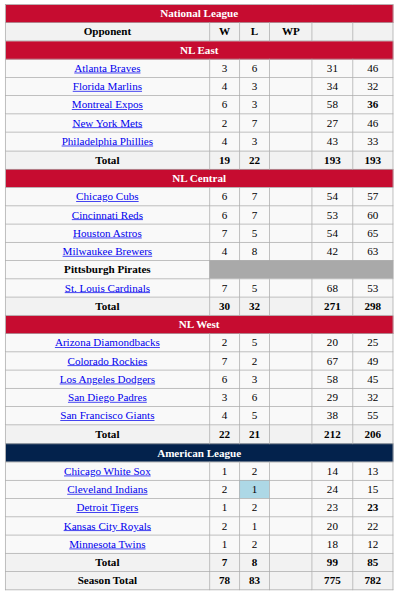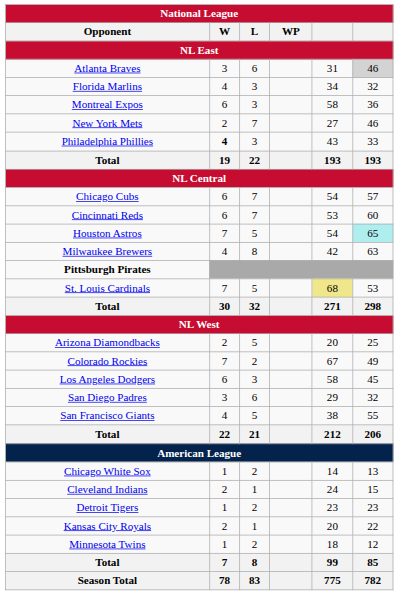 <table class="wikitable" style="font-size:95%; text-align:center; width:35em;margin: 0.5em auto;">
 <tr>
 <th colspan="7" style="background:#c60c30; color:#ffffff;">National League</th>
 </tr>
 <tr>
 <th>Opponent</th>
 <th>W</th>
 <th>L</th>
 <th>WP</th>
 <th></th>
 <th></th>
 </tr>
 <tr>
 <th colspan="7" style="background:#c60c30; color:#ffffff;">NL East</th>
 </tr>
 <tr>
 <td><a href='#'>Atlanta Braves</a></td>
 <td>3</td>
 <td>6</td>
 <td></td>
 <td>31</td>
-<td>46</td>
+<td style="background: lightgrey;">46</td>
 </tr>
 <tr>
 <td><a href='#'>Florida Marlins</a></td>
 <td>4</td>
 <td>3</td>
 <td></td>
 <td>34</td>
 <td>32</td>
 </tr>
 <tr>
 <td><a href='#'>Montreal Expos</a></td>
 <td>6</td>
 <td>3</td>
 <td></td>
 <td>58</td>
-<td><strong>36</strong></td>
+<td>36</td>
 </tr>
 <tr>
 <td><a href='#'>New York Mets</a></td>
 <td>2</td>
 <td>7</td>
 <td></td>
 <td>27</td>
 <td>46</td>
 </tr>
 <tr>
 <td><a href='#'>Philadelphia Phillies</a></td>
-<td>4</td>
+<td><strong>4</strong></td>
 <td>3</td>
 <td></td>
 <td>43</td>
 <td>33</td>
 </tr>
 <tr>
 <th>Total</th>
 <th>19</th>
 <th>22</th>
 <th></th>
 <th>193</th>
 <th>193</th>
 </tr>
 <tr>
 <th colspan="7" style="background:#c60c30; color:#ffffff;">NL Central</th>
 </tr>
 <tr>
 <td><a href='#'>Chicago Cubs</a></td>
 <td>6</td>
 <td>7</td>
 <td></td>
 <td>54</td>
 <td>57</td>
 </tr>
 <tr>
 <td><a href='#'>Cincinnati Reds</a></td>
 <td>6</td>
 <td>7</td>
 <td></td>
 <td>53</td>
 <td>60</td>
 </tr>
 <tr>
 <td><a href='#'>Houston Astros</a></td>
 <td>7</td>
 <td>5</td>
 <td></td>
 <td>54</td>
-<td>65</td>
+<td style="background: paleturquoise;">65</td>
 </tr>
 <tr>
 <td><a href='#'>Milwaukee Brewers</a></td>
 <td>4</td>
 <td>8</td>
 <td></td>
 <td>42</td>
 <td>63</td>
 </tr>
 <tr>
 <td><strong>Pittsburgh Pirates</strong></td>
 <td colspan=5 style="background:darkgray;"></td>
 </tr>
 <tr>
 <td><a href='#'>St. Louis Cardinals</a></td>
 <td>7</td>
 <td>5</td>
 <td></td>
-<td>68</td>
+<td style="background: khaki;">68</td>
 <td>53</td>
 </tr>
 <tr>
 <th>Total</th>
 <th>30</th>
 <th>32</th>
 <th></th>
 <th>271</th>
 <th>298</th>
 </tr>
 <tr>
 <th colspan="7" style="background:#c60c30; color:#ffffff;">NL West</th>
 </tr>
 <tr>
 <td><a href='#'>Arizona Diamondbacks</a></td>
 <td>2</td>
 <td>5</td>
 <td></td>
 <td>20</td>
 <td>25</td>
 </tr>
 <tr>
 <td><a href='#'>Colorado Rockies</a></td>
 <td>7</td>
 <td>2</td>
 <td></td>
 <td>67</td>
 <td>49</td>
 </tr>
 <tr>
 <td><a href='#'>Los Angeles Dodgers</a></td>
 <td>6</td>
 <td>3</td>
 <td></td>
 <td>58</td>
 <td>45</td>
 </tr>
 <tr>
 <td><a href='#'>San Diego Padres</a></td>
 <td>3</td>
 <td>6</td>
 <td></td>
 <td>29</td>
 <td>32</td>
 </tr>
 <tr>
 <td><a href='#'>San Francisco Giants</a></td>
 <td>4</td>
 <td>5</td>
 <td></td>
 <td>38</td>
 <td>55</td>
 </tr>
 <tr>
 <th>Total</th>
 <th>22</th>
 <th>21</th>
 <th></th>
 <th>212</th>
 <th>206</th>
 </tr>
 <tr>
 <th colspan="7" style="background:#03224c; color:#ffffff;">American League</th>
 </tr>
 <tr>
 <td><a href='#'>Chicago White Sox</a></td>
 <td>1</td>
 <td>2</td>
 <td></td>
 <td>14</td>
 <td>13</td>
 </tr>
 <tr>
 <td><a href='#'>Cleveland Indians</a></td>
 <td>2</td>
-<td style="background: lightblue;">1</td>
+<td>1</td>
 <td></td>
 <td>24</td>
 <td>15</td>
 </tr>
 <tr>
 <td><a href='#'>Detroit Tigers</a></td>
 <td>1</td>
 <td>2</td>
 <td></td>
 <td>23</td>
-<td><strong>23</strong></td>
+<td>23</td>
 </tr>
 <tr>
 <td><a href='#'>Kansas City Royals</a></td>
 <td>2</td>
 <td>1</td>
 <td></td>
 <td>20</td>
 <td>22</td>
 </tr>
 <tr>
 <td><a href='#'>Minnesota Twins</a></td>
 <td>1</td>
 <td>2</td>
 <td></td>
 <td>18</td>
 <td>12</td>
 </tr>
 <tr>
 <th>Total</th>
 <th>7</th>
 <th>8</th>
 <th></th>
 <th>99</th>
 <th>85</th>
 </tr>
 <tr>
 <th>Season Total</th>
 <th>78</th>
 <th>83</th>
 <th></th>
 <th>775</th>
 <th>782</th>
 </tr>
 </table>
